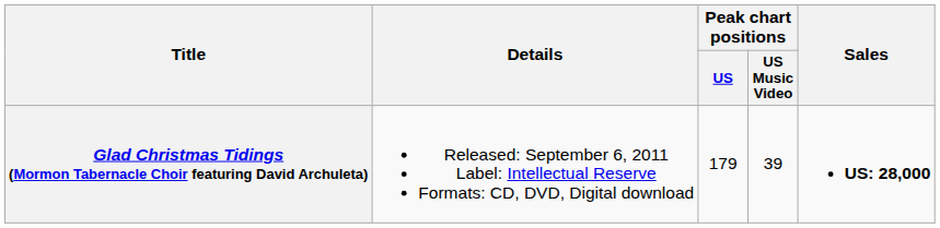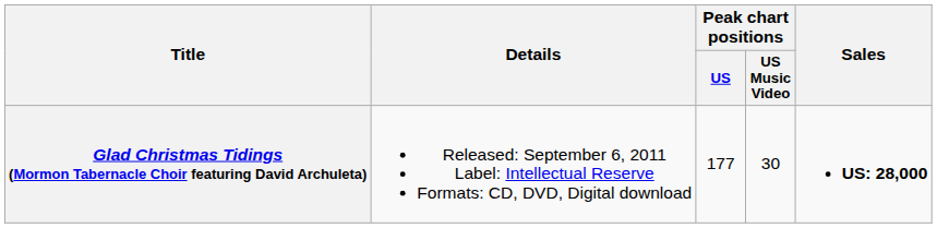 <table class="wikitable plainrowheaders" style="text-align:center;">
 <tr>
 <th scope="col" rowspan="2">Title</th>
 <th scope="col" rowspan="2">Details</th>
 <th scope="col" colspan="2">Peak chart positions</th>
 <th scope="col" rowspan="2">Sales</th>
 </tr>
 <tr>
 <th scope="col" style="width:3em;font-size:85%;"><a href='#'>US</a></th>
 <th scope="col" style="width:3em;font-size:85%;">US<br>Music<br>Video</th>
 </tr>
 <tr>
 <th scope="row"><em><a href='#'>Glad Christmas Tidings</a></em><br><small>(<a href='#'>Mormon Tabernacle Choir</a> featuring David Archuleta)</small></th>
 <td><br><ul><li>Released: September 6, 2011</li><li>Label: <a href='#'>Intellectual Reserve</a></li><li>Formats: CD, DVD, Digital download</li></ul></td>
-<td>179</td>
-<td>39</td>
+<td>177</td>
+<td>30</td>
 <td><strong><br><ul><li>US: 28,000</li></ul></strong></td>
 </tr>
 </table>
